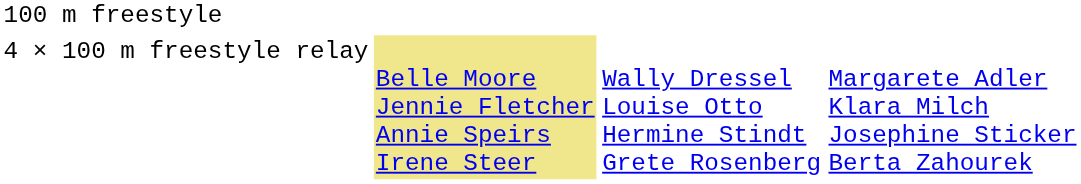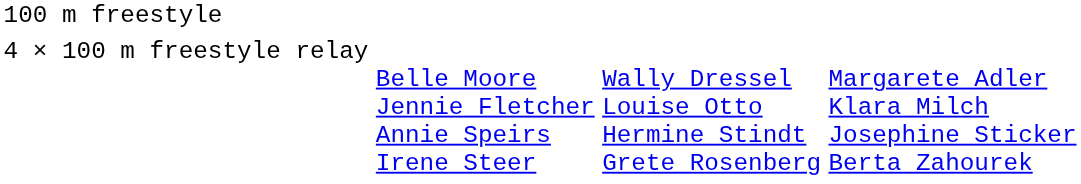 <table>
 <tr>
 <td>100 m freestyle<br></td>
 <td></td>
 <td></td>
 <td></td>
 </tr>
 <tr valign="top">
 <td>4 × 100 m freestyle relay<br></td>
-<td style="background: khaki;"><br><a href='#'>Belle Moore</a><br><a href='#'>Jennie Fletcher</a><br><a href='#'>Annie Speirs</a><br><a href='#'>Irene Steer</a></td>
+<td><br><a href='#'>Belle Moore</a><br><a href='#'>Jennie Fletcher</a><br><a href='#'>Annie Speirs</a><br><a href='#'>Irene Steer</a></td>
 <td><br><a href='#'>Wally Dressel</a><br><a href='#'>Louise Otto</a><br><a href='#'>Hermine Stindt</a><br><a href='#'>Grete Rosenberg</a></td>
 <td><br><a href='#'>Margarete Adler</a><br><a href='#'>Klara Milch</a><br><a href='#'>Josephine Sticker</a><br><a href='#'>Berta Zahourek</a></td>
 </tr>
 </table>
